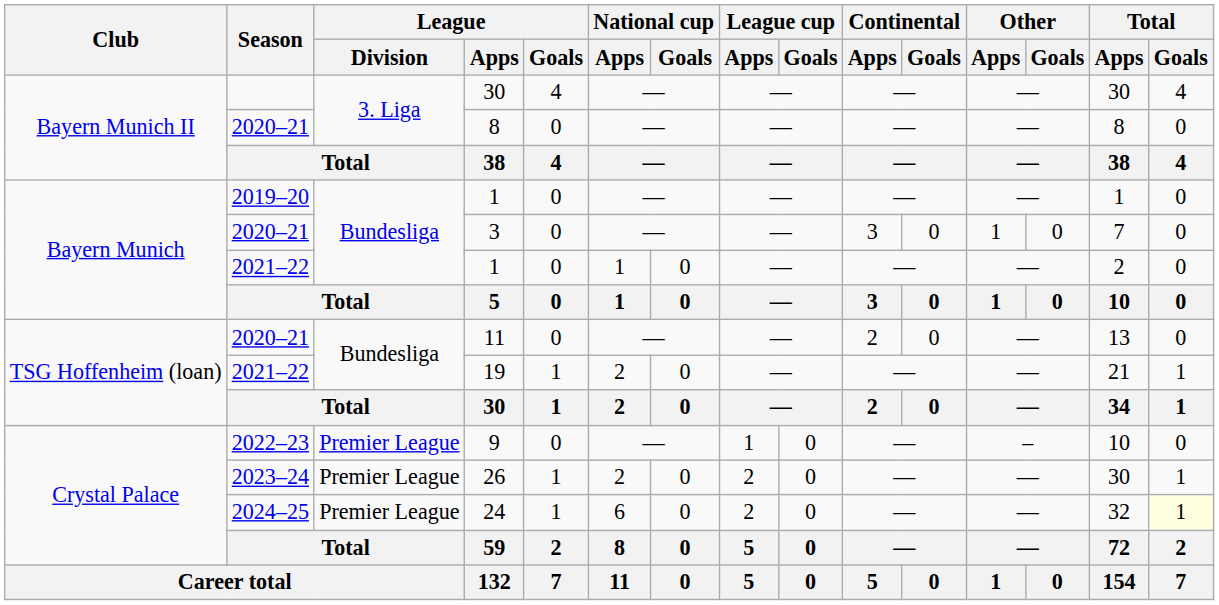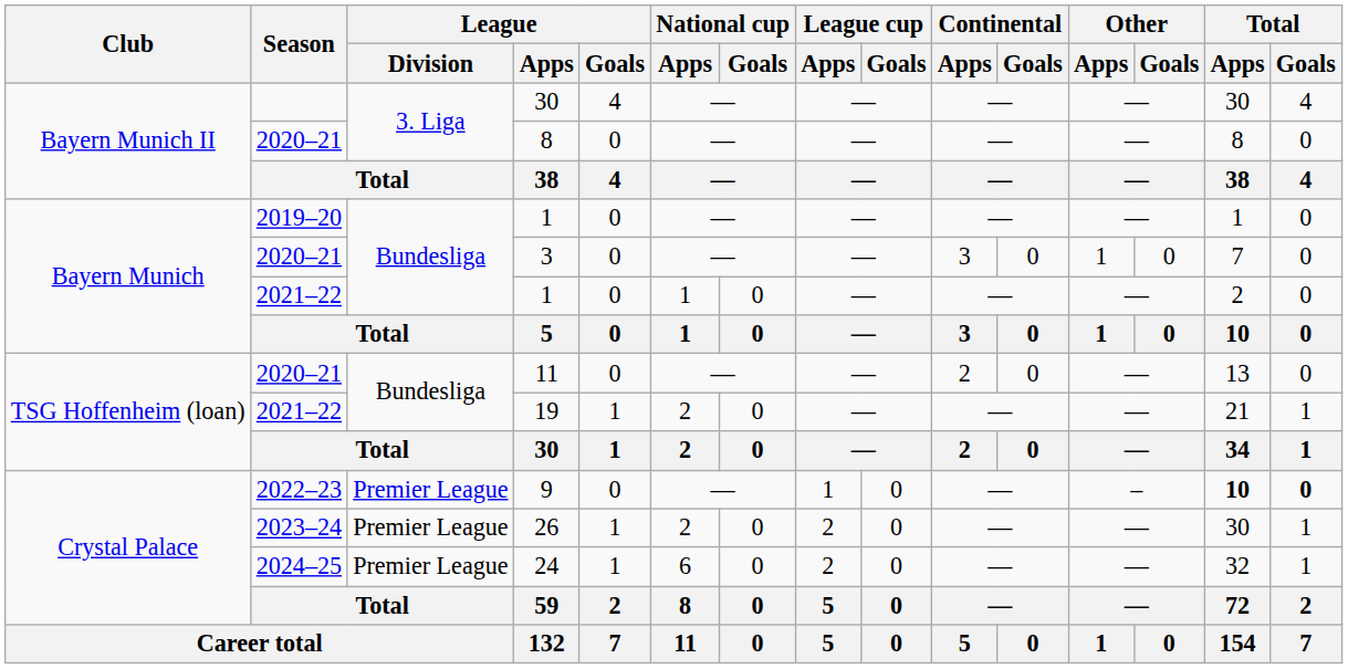 <table class="wikitable" style="text-align:center">
 <tr>
 <th rowspan="2">Club</th>
 <th rowspan="2">Season</th>
 <th colspan="3">League</th>
 <th colspan="2">National cup</th>
 <th colspan="2">League cup</th>
 <th colspan="2">Continental</th>
 <th colspan="2">Other</th>
 <th colspan="2">Total</th>
 </tr>
 <tr>
 <th>Division</th>
 <th>Apps</th>
 <th>Goals</th>
 <th>Apps</th>
 <th>Goals</th>
 <th>Apps</th>
 <th>Goals</th>
 <th>Apps</th>
 <th>Goals</th>
 <th>Apps</th>
 <th>Goals</th>
 <th>Apps</th>
 <th>Goals</th>
 </tr>
 <tr>
 <td rowspan="3"><a href='#'>Bayern Munich II</a></td>
 <td></td>
 <td rowspan=2><a href='#'>3. Liga</a></td>
 <td>30</td>
 <td>4</td>
 <td colspan="2">—</td>
 <td colspan="2">—</td>
 <td colspan="2">—</td>
 <td colspan="2">—</td>
 <td>30</td>
 <td>4</td>
 </tr>
 <tr>
 <td><a href='#'>2020–21</a></td>
 <td>8</td>
 <td>0</td>
 <td colspan="2">—</td>
 <td colspan="2">—</td>
 <td colspan="2">—</td>
 <td colspan="2">—</td>
 <td>8</td>
 <td>0</td>
 </tr>
 <tr>
 <th colspan="2">Total</th>
 <th>38</th>
 <th>4</th>
 <th colspan="2">—</th>
 <th colspan="2">—</th>
 <th colspan="2">—</th>
 <th colspan="2">—</th>
 <th>38</th>
 <th>4</th>
 </tr>
 <tr>
 <td rowspan="4"><a href='#'>Bayern Munich</a></td>
 <td><a href='#'>2019–20</a></td>
 <td rowspan=3><a href='#'>Bundesliga</a></td>
 <td>1</td>
 <td>0</td>
 <td colspan="2">—</td>
 <td colspan="2">—</td>
 <td colspan="2">—</td>
 <td colspan="2">—</td>
 <td>1</td>
 <td>0</td>
 </tr>
 <tr>
 <td><a href='#'>2020–21</a></td>
 <td>3</td>
 <td>0</td>
 <td colspan="2">—</td>
 <td colspan="2">—</td>
 <td>3</td>
 <td>0</td>
 <td>1</td>
 <td>0</td>
 <td>7</td>
 <td>0</td>
 </tr>
 <tr>
 <td><a href='#'>2021–22</a></td>
 <td>1</td>
 <td>0</td>
 <td>1</td>
 <td>0</td>
 <td colspan="2">—</td>
 <td colspan="2">—</td>
 <td colspan="2">—</td>
 <td>2</td>
 <td>0</td>
 </tr>
 <tr>
 <th colspan="2">Total</th>
 <th>5</th>
 <th>0</th>
 <th>1</th>
 <th>0</th>
 <th colspan="2">—</th>
 <th>3</th>
 <th>0</th>
 <th>1</th>
 <th>0</th>
 <th>10</th>
 <th>0</th>
 </tr>
 <tr>
 <td rowspan="3"><a href='#'>TSG Hoffenheim</a> (loan)</td>
 <td><a href='#'>2020–21</a></td>
 <td rowspan=2>Bundesliga</td>
 <td>11</td>
 <td>0</td>
 <td colspan="2">—</td>
 <td colspan="2">—</td>
 <td>2</td>
 <td>0</td>
 <td colspan="2">—</td>
 <td>13</td>
 <td>0</td>
 </tr>
 <tr>
 <td><a href='#'>2021–22</a></td>
 <td>19</td>
 <td>1</td>
 <td>2</td>
 <td>0</td>
 <td colspan="2">—</td>
 <td colspan="2">—</td>
 <td colspan="2">—</td>
 <td>21</td>
 <td>1</td>
 </tr>
 <tr>
 <th colspan="2">Total</th>
 <th>30</th>
 <th>1</th>
 <th>2</th>
 <th>0</th>
 <th colspan="2">—</th>
 <th>2</th>
 <th>0</th>
 <th colspan="2">—</th>
 <th>34</th>
 <th>1</th>
 </tr>
 <tr>
 <td rowspan="4"><a href='#'>Crystal Palace</a></td>
 <td><a href='#'>2022–23</a></td>
 <td><a href='#'>Premier League</a></td>
 <td>9</td>
 <td>0</td>
 <td colspan="2">—</td>
 <td>1</td>
 <td>0</td>
 <td colspan="2">—</td>
 <td colspan="2">–</td>
-<td>10</td>
-<td>0</td>
+<td><strong>10</strong></td>
+<td><strong>0</strong></td>
 </tr>
 <tr>
 <td><a href='#'>2023–24</a></td>
 <td>Premier League</td>
 <td>26</td>
 <td>1</td>
 <td>2</td>
 <td>0</td>
 <td>2</td>
 <td>0</td>
 <td colspan="2">—</td>
 <td colspan="2">—</td>
 <td>30</td>
 <td>1</td>
 </tr>
 <tr>
 <td><a href='#'>2024–25</a></td>
 <td>Premier League</td>
 <td>24</td>
 <td>1</td>
 <td>6</td>
 <td>0</td>
 <td>2</td>
 <td>0</td>
 <td colspan="2">—</td>
 <td colspan="2">—</td>
 <td>32</td>
-<td style="background: lightyellow;">1</td>
+<td>1</td>
 </tr>
 <tr>
 <th colspan="2">Total</th>
 <th>59</th>
 <th>2</th>
 <th>8</th>
 <th>0</th>
 <th>5</th>
 <th>0</th>
 <th colspan="2">—</th>
 <th colspan="2">—</th>
 <th>72</th>
 <th>2</th>
 </tr>
 <tr>
 <th colspan="3">Career total</th>
 <th>132</th>
 <th>7</th>
 <th>11</th>
 <th>0</th>
 <th>5</th>
 <th>0</th>
 <th>5</th>
 <th>0</th>
 <th>1</th>
 <th>0</th>
 <th>154</th>
 <th>7</th>
 </tr>
 </table>
